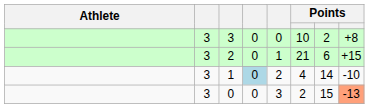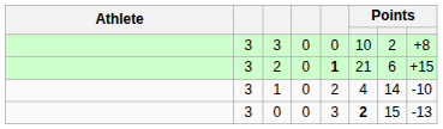 <table class="wikitable" style="text-align: center; font-size:100% ">
 <tr>
 <th rowspan=2 width=250>Athlete</th>
 <th rowspan=2 width=25></th>
 <th rowspan=2 width=25></th>
 <th rowspan=2 width=25></th>
 <th rowspan=2 width=25></th>
 <th colspan=3>Points</th>
 </tr>
 <tr>
 <th width=25></th>
 <th width=25></th>
 <th width=25></th>
 </tr>
 <tr bgcolor="ccffcc">
 <td align=left></td>
 <td>3</td>
 <td>3</td>
 <td>0</td>
 <td>0</td>
 <td>10</td>
 <td>2</td>
 <td>+8</td>
 </tr>
 <tr bgcolor="ccffcc">
 <td align=left></td>
 <td>3</td>
 <td>2</td>
 <td>0</td>
-<td>1</td>
+<td><strong>1</strong></td>
 <td>21</td>
 <td>6</td>
 <td>+15</td>
 </tr>
 <tr>
 <td align=left></td>
 <td>3</td>
 <td>1</td>
-<td style="background: lightblue;">0</td>
+<td>0</td>
 <td>2</td>
 <td>4</td>
 <td>14</td>
 <td>-10</td>
 </tr>
 <tr>
 <td align=left></td>
 <td>3</td>
 <td>0</td>
 <td>0</td>
 <td>3</td>
-<td>2</td>
+<td><strong>2</strong></td>
 <td>15</td>
-<td style="background: lightsalmon;">-13</td>
+<td>-13</td>
 </tr>
 </table>
